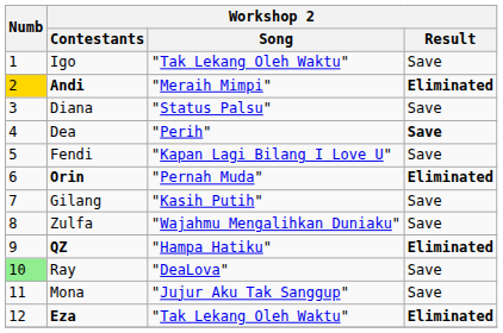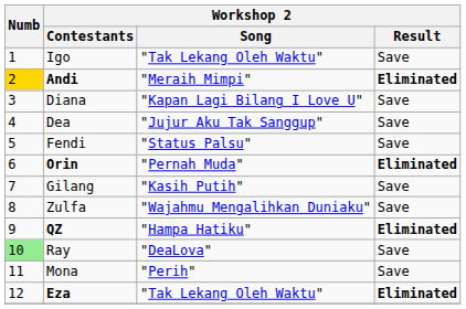 <table class="wikitable" style="font-size:95%;">
 <tr>
 <th rowspan="2">Numb</th>
 <th colspan="3">Workshop 2</th>
 </tr>
 <tr>
 <th>Contestants</th>
 <th>Song </th>
 <th>Result</th>
 </tr>
 <tr>
 <td>1</td>
 <td>Igo</td>
 <td>"<a href='#'>Tak Lekang Oleh Waktu</a>" </td>
 <td>Save</td>
 </tr>
 <tr>
 <td style="background: gold;">2</td>
 <td><strong>Andi</strong></td>
 <td>"<a href='#'>Meraih Mimpi</a>" </td>
 <td><strong>Eliminated</strong></td>
 </tr>
 <tr>
 <td>3</td>
 <td>Diana</td>
-<td>"<a href='#'>Status Palsu</a>" </td>
+<td>"<a href='#'>Kapan Lagi Bilang I Love U</a>" </td>
 <td>Save</td>
 </tr>
 <tr>
 <td>4</td>
 <td>Dea</td>
-<td>"<a href='#'>Perih</a>" </td>
-<td><strong>Save</strong></td>
+<td>"<a href='#'>Jujur Aku Tak Sanggup</a>" </td>
+<td>Save</td>
 </tr>
 <tr>
 <td>5</td>
 <td>Fendi</td>
-<td>"<a href='#'>Kapan Lagi Bilang I Love U</a>" </td>
+<td>"<a href='#'>Status Palsu</a>" </td>
 <td>Save</td>
 </tr>
 <tr>
 <td>6</td>
 <td><strong>Orin</strong></td>
 <td>"<a href='#'>Pernah Muda</a>" </td>
 <td><strong>Eliminated</strong></td>
 </tr>
 <tr>
 <td>7</td>
 <td>Gilang</td>
 <td>"<a href='#'>Kasih Putih</a>" </td>
 <td>Save</td>
 </tr>
 <tr>
 <td>8</td>
 <td>Zulfa</td>
 <td>"<a href='#'>Wajahmu Mengalihkan Duniaku</a>" </td>
 <td>Save</td>
 </tr>
 <tr>
 <td>9</td>
 <td><strong>QZ</strong></td>
 <td>"<a href='#'>Hampa Hatiku</a>" </td>
 <td><strong>Eliminated</strong></td>
 </tr>
 <tr>
 <td style="background: lightgreen;">10</td>
 <td>Ray</td>
 <td>"<a href='#'>DeaLova</a>" </td>
 <td>Save</td>
 </tr>
 <tr>
 <td>11</td>
 <td>Mona</td>
-<td>"<a href='#'>Jujur Aku Tak Sanggup</a>" </td>
+<td>"<a href='#'>Perih</a>" </td>
 <td>Save</td>
 </tr>
 <tr>
 <td>12</td>
 <td><strong>Eza</strong></td>
 <td>"<a href='#'>Tak Lekang Oleh Waktu</a>" </td>
 <td><strong>Eliminated</strong></td>
 </tr>
 <tr>
 </tr>
 </table>
